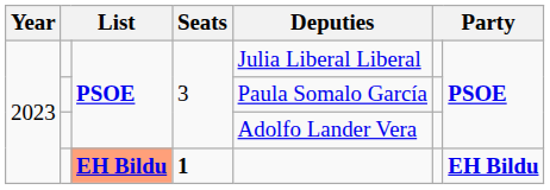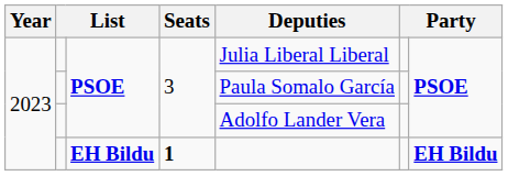 <table class="wikitable sortable">
 <tr>
 <th>Year</th>
 <th colspan="2">List</th>
 <th>Seats</th>
 <th>Deputies</th>
 <th colspan="2">Party</th>
 </tr>
 <tr>
 <td rowspan="4">2023</td>
 <td></td>
 <td rowspan="3"><strong><a href='#'>PSOE</a></strong></td>
 <td rowspan="3">3</td>
 <td><a href='#'>Julia Liberal Liberal</a></td>
 <td></td>
 <td rowspan="3"><strong><a href='#'>PSOE</a></strong></td>
 </tr>
 <tr>
 <td></td>
 <td><a href='#'>Paula Somalo García</a></td>
 <td></td>
 </tr>
 <tr>
 <td></td>
 <td><a href='#'>Adolfo Lander Vera</a></td>
 <td></td>
 </tr>
 <tr>
 <td></td>
-<td style="background: lightsalmon;"><strong><a href='#'>EH Bildu</a></strong></td>
+<td><strong><a href='#'>EH Bildu</a></strong></td>
 <td><strong>1</strong></td>
 <td></td>
 <td></td>
 <td><strong><a href='#'>EH Bildu</a></strong></td>
 </tr>
 </table>
